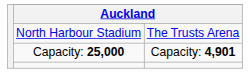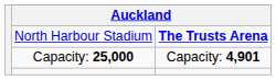 <table class="wikitable" style="text-align:center;margin:1em auto;">
 <tr>
 <th rowspan="8"></th>
 </tr>
 <tr>
 <th colspan=2><a href='#'>Auckland</a></th>
 </tr>
 <tr>
 <td><a href='#'>North Harbour Stadium</a></td>
-<td><a href='#'>The Trusts Arena</a></td>
+<td><strong><a href='#'>The Trusts Arena</a></strong></td>
 </tr>
 <tr>
 <td>Capacity: <strong>25,000</strong></td>
 <td>Capacity: <strong>4,901</strong></td>
 </tr>
 <tr>
 <td></td>
 <td></td>
 </tr>
 </table>
